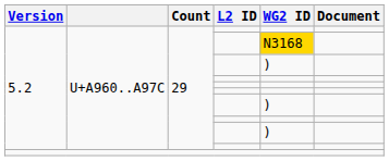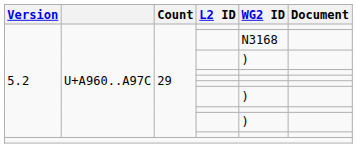 <table class="wikitable collapsible sticky-header">
 <tr>
 <th><a href='#'>Version</a></th>
 <th></th>
 <th>Count</th>
 <th><a href='#'>L2</a> ID</th>
 <th><a href='#'>WG2</a> ID</th>
 <th>Document</th>
 </tr>
 <tr>
 <td rowspan="10">5.2</td>
 <td rowspan="10">U+A960..A97C</td>
 <td rowspan="10">29</td>
 <td></td>
 <td></td>
 <td></td>
 </tr>
 <tr>
 <td></td>
-<td style="background: gold;">N3168</td>
+<td>N3168</td>
 <td></td>
 </tr>
 <tr>
 <td></td>
 <td> )</td>
 <td></td>
 </tr>
 <tr>
 <td></td>
 <td></td>
 <td></td>
 </tr>
 <tr>
 <td></td>
 <td></td>
 <td></td>
 </tr>
 <tr>
 <td></td>
 <td></td>
 <td></td>
 </tr>
 <tr>
 <td></td>
 <td> )</td>
 <td></td>
 </tr>
 <tr>
 <td></td>
 <td></td>
 <td></td>
 </tr>
 <tr>
 <td></td>
 <td> )</td>
 <td></td>
 </tr>
 <tr>
 <td></td>
 <td></td>
 <td></td>
 </tr>
 <tr class="sortbottom">
 <td colspan="6"></td>
 </tr>
 </table>
